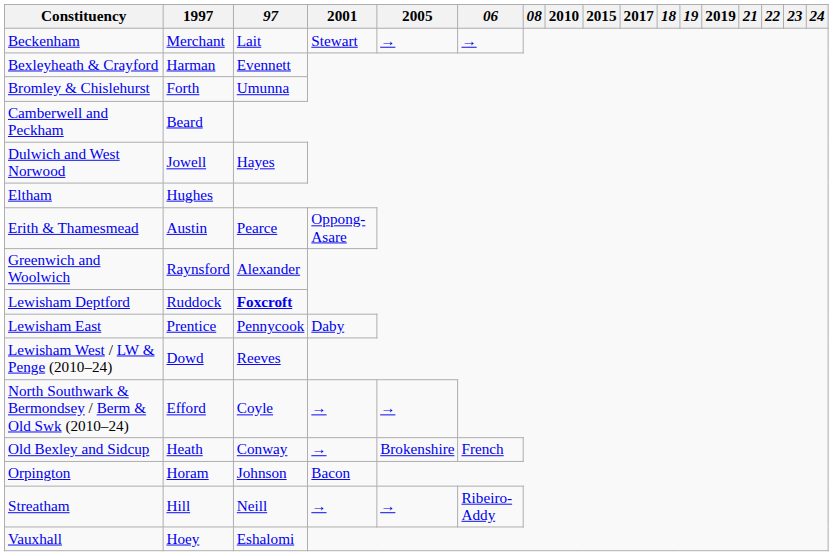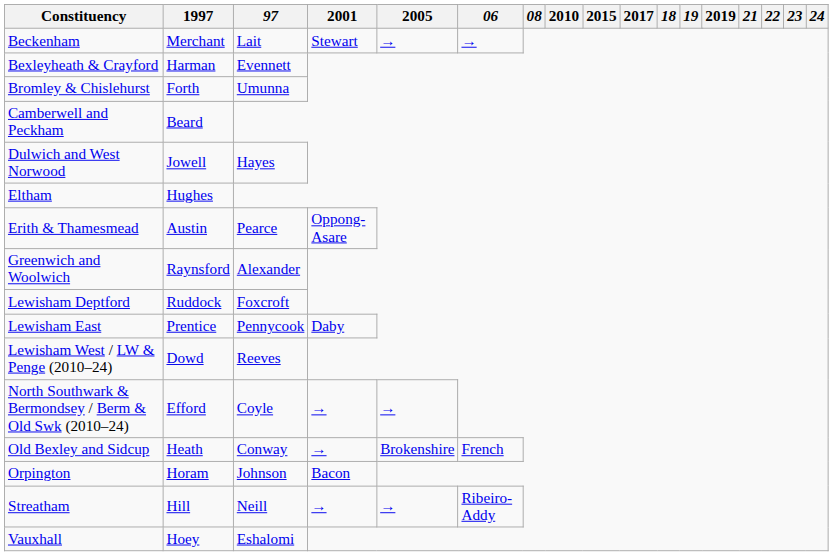 <table class="wikitable">
 <tr>
 <th>Constituency</th>
 <th>1997</th>
 <th><em>97</em></th>
 <th>2001</th>
 <th>2005</th>
 <th><em>06</em></th>
 <th><em>08</em></th>
 <th>2010</th>
 <th>2015</th>
 <th>2017</th>
 <th><em>18</em></th>
 <th colspan=2><em>19</em></th>
 <th>2019</th>
 <th><em>21</em></th>
 <th><em>22</em></th>
 <th><em>23</em></th>
 <th><em>24</em></th>
 </tr>
 <tr>
 <td><a href='#'>Beckenham</a></td>
 <td><a href='#'>Merchant</a></td>
 <td><a href='#'>Lait</a></td>
 <td><a href='#'>Stewart</a></td>
 <td><a href='#'>→</a></td>
 <td><a href='#'>→</a></td>
 </tr>
 <tr>
 <td><a href='#'>Bexleyheath & Crayford</a></td>
 <td><a href='#'>Harman</a></td>
 <td><a href='#'>Evennett</a></td>
 </tr>
 <tr>
 <td><a href='#'>Bromley & Chislehurst</a></td>
 <td><a href='#'>Forth</a></td>
 <td><a href='#'>Umunna</a></td>
 </tr>
 <tr>
 <td><a href='#'>Camberwell and Peckham</a></td>
 <td><a href='#'>Beard</a></td>
 </tr>
 <tr>
 <td><a href='#'>Dulwich and West Norwood</a></td>
 <td><a href='#'>Jowell</a></td>
 <td><a href='#'>Hayes</a></td>
 </tr>
 <tr>
 <td><a href='#'>Eltham</a></td>
 <td><a href='#'>Hughes</a></td>
 </tr>
 <tr>
 <td><a href='#'>Erith & Thamesmead</a></td>
 <td><a href='#'>Austin</a></td>
 <td><a href='#'>Pearce</a></td>
 <td><a href='#'>Oppong-Asare</a></td>
 </tr>
 <tr>
 <td><a href='#'>Greenwich and Woolwich</a></td>
 <td><a href='#'>Raynsford</a></td>
 <td><a href='#'>Alexander</a></td>
 </tr>
 <tr>
 <td><a href='#'>Lewisham Deptford</a></td>
 <td><a href='#'>Ruddock</a></td>
-<td><strong><a href='#'>Foxcroft</a></strong></td>
+<td><a href='#'>Foxcroft</a></td>
 </tr>
 <tr>
 <td><a href='#'>Lewisham East</a></td>
 <td><a href='#'>Prentice</a></td>
 <td><a href='#'>Pennycook</a></td>
 <td><a href='#'>Daby</a></td>
 </tr>
 <tr>
 <td><a href='#'>Lewisham West</a> / <a href='#'>LW & Penge</a> (2010–24)</td>
 <td><a href='#'>Dowd</a></td>
 <td><a href='#'>Reeves</a></td>
 </tr>
 <tr>
 <td><a href='#'>North Southwark & Bermondsey</a> / <a href='#'>Berm & Old Swk</a> (2010–24)</td>
 <td><a href='#'>Efford</a></td>
 <td><a href='#'>Coyle</a></td>
 <td><a href='#'>→</a></td>
 <td><a href='#'>→</a></td>
 </tr>
 <tr>
 <td><a href='#'>Old Bexley and Sidcup</a></td>
 <td><a href='#'>Heath</a></td>
 <td><a href='#'>Conway</a></td>
 <td><a href='#'>→</a></td>
 <td><a href='#'>Brokenshire</a></td>
 <td><a href='#'>French</a></td>
 </tr>
 <tr>
 <td><a href='#'>Orpington</a></td>
 <td><a href='#'>Horam</a></td>
 <td><a href='#'>Johnson</a></td>
 <td><a href='#'>Bacon</a></td>
 </tr>
 <tr>
 <td><a href='#'>Streatham</a></td>
 <td><a href='#'>Hill</a></td>
 <td><a href='#'>Neill</a></td>
 <td><a href='#'>→</a></td>
 <td><a href='#'>→</a></td>
 <td><a href='#'>Ribeiro-Addy</a></td>
 </tr>
 <tr>
 <td><a href='#'>Vauxhall</a></td>
 <td><a href='#'>Hoey</a></td>
 <td><a href='#'>Eshalomi</a></td>
 </tr>
 </table>
